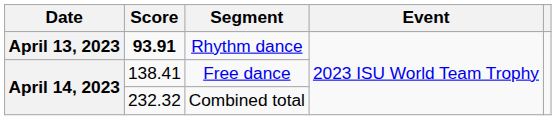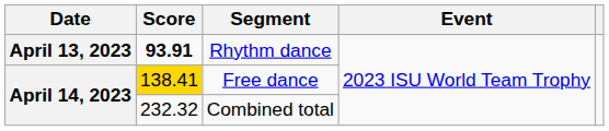 <table class="wikitable unsortable style="text-align:left">
 <tr>
 <th scope="col">Date</th>
 <th scope="col">Score</th>
 <th scope="col">Segment</th>
 <th scope="col">Event</th>
 <th scope="col"></th>
 </tr>
 <tr>
 <th scope="row" style="text-align:left">April 13, 2023</th>
 <td align="center"><strong>93.91</strong></td>
 <td align="center"><a href='#'>Rhythm dance</a></td>
 <td rowspan="3"><a href='#'>2023 ISU World Team Trophy</a></td>
 <td rowspan="3"></td>
 </tr>
 <tr>
 <th scope="row" style="text-align:left" rowspan="2">April 14, 2023</th>
-<td align="center">138.41</td>
+<td align="center" style="background: gold;">138.41</td>
 <td align="center"><a href='#'>Free dance</a></td>
 </tr>
 <tr>
 <td align="center">232.32</td>
 <td align="center">Combined total</td>
 </tr>
 </table>
